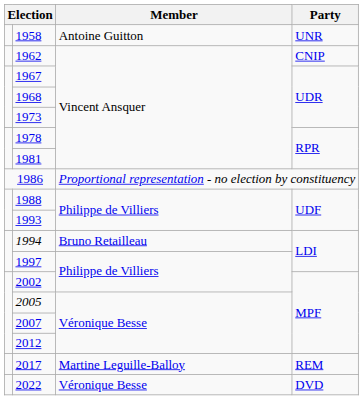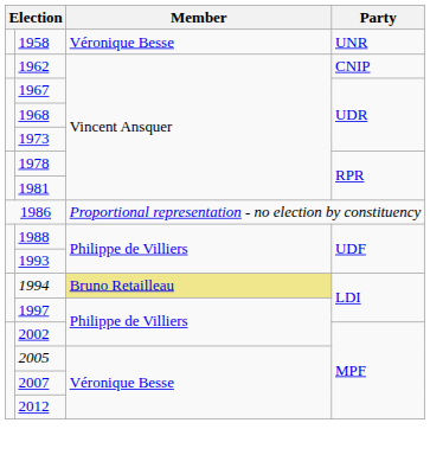 <table class="wikitable">
 <tr>
 <th colspan="2">Election</th>
 <th>Member</th>
 <th>Party</th>
 </tr>
 <tr>
 <td style="color:inherit;background-color: "></td>
 <td><a href='#'>1958</a></td>
-<td>Antoine Guitton</td>
+<td><a href='#'>Véronique Besse</a></td>
 <td><a href='#'>UNR</a></td>
 </tr>
 <tr>
 <td style="color:inherit;background-color: "></td>
 <td><a href='#'>1962</a></td>
 <td rowspan="6">Vincent Ansquer</td>
 <td><a href='#'>CNIP</a></td>
 </tr>
 <tr>
 <td rowspan="3" style="color:inherit;background-color: "></td>
 <td><a href='#'>1967</a></td>
 <td rowspan="3"><a href='#'>UDR</a></td>
 </tr>
 <tr>
 <td><a href='#'>1968</a></td>
 </tr>
 <tr>
 <td><a href='#'>1973</a></td>
 </tr>
 <tr>
 <td rowspan="2" style="color:inherit;background-color: "></td>
 <td><a href='#'>1978</a></td>
 <td rowspan="2"><a href='#'>RPR</a></td>
 </tr>
 <tr>
 <td><a href='#'>1981</a></td>
 </tr>
 <tr>
 <td colspan="2" align="center"><a href='#'>1986</a></td>
 <td colspan="2"><em><a href='#'>Proportional representation</a> - no election by constituency</em></td>
 </tr>
 <tr>
 <td rowspan="2" style="color:inherit;background-color: "></td>
 <td><a href='#'>1988</a></td>
 <td rowspan="2"><a href='#'>Philippe de Villiers</a></td>
 <td rowspan="2"><a href='#'>UDF</a></td>
 </tr>
 <tr>
 <td><a href='#'>1993</a></td>
 </tr>
 <tr>
 <td rowspan="2" style="color:inherit;background-color: "></td>
 <td><em>1994</em></td>
-<td><a href='#'>Bruno Retailleau</a></td>
+<td style="background: khaki;"><a href='#'>Bruno Retailleau</a></td>
 <td rowspan="2"><a href='#'>LDI</a></td>
 </tr>
 <tr>
 <td><a href='#'>1997</a></td>
 <td rowspan="2"><a href='#'>Philippe de Villiers</a></td>
 </tr>
 <tr>
 <td rowspan="4" style="color:inherit;background-color: "></td>
 <td><a href='#'>2002</a></td>
 <td rowspan="4"><a href='#'>MPF</a></td>
 </tr>
 <tr>
 <td><em>2005</em></td>
 <td rowspan="3"><a href='#'>Véronique Besse</a></td>
 </tr>
 <tr>
 <td><a href='#'>2007</a></td>
 </tr>
 <tr>
 <td><a href='#'>2012</a></td>
 </tr>
-<tr>
-<td style="color:inherit;background:"></td>
-<td><a href='#'>2017</a></td>
-<td><a href='#'>Martine Leguille-Balloy</a></td>
-<td><a href='#'>REM</a></td>
-</tr>
-<tr>
-<td style="color:inherit;background:"></td>
-<td><a href='#'>2022</a></td>
-<td><a href='#'>Véronique Besse</a></td>
-<td><a href='#'>DVD</a></td>
-</tr>
 </table>
